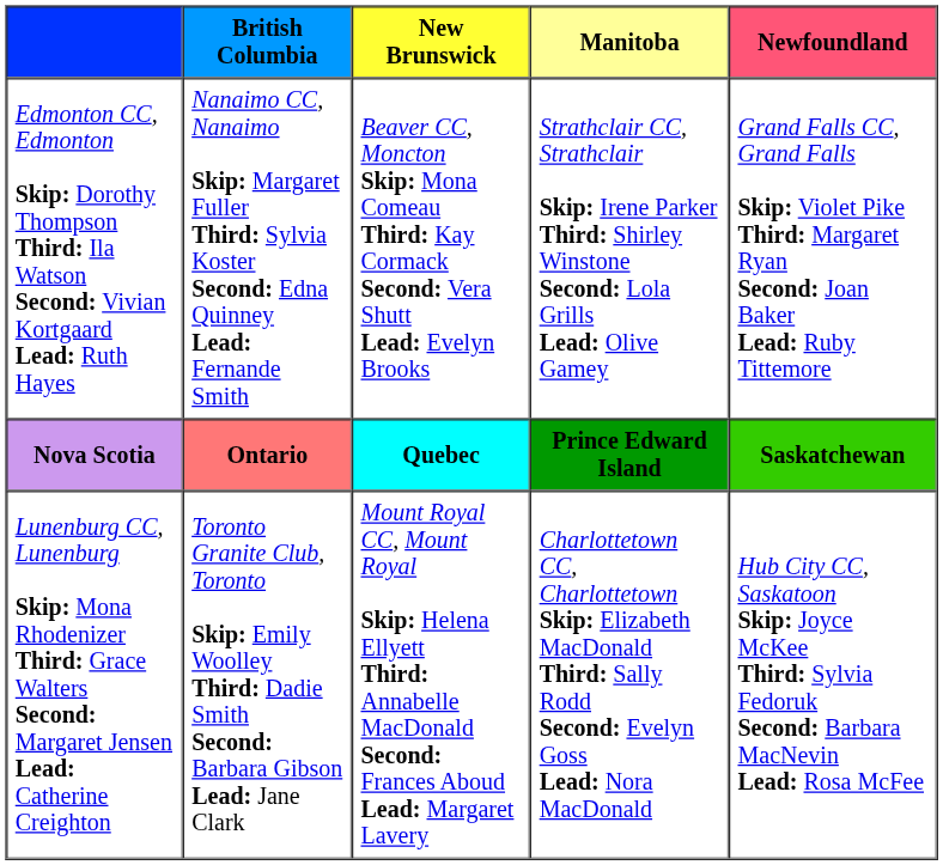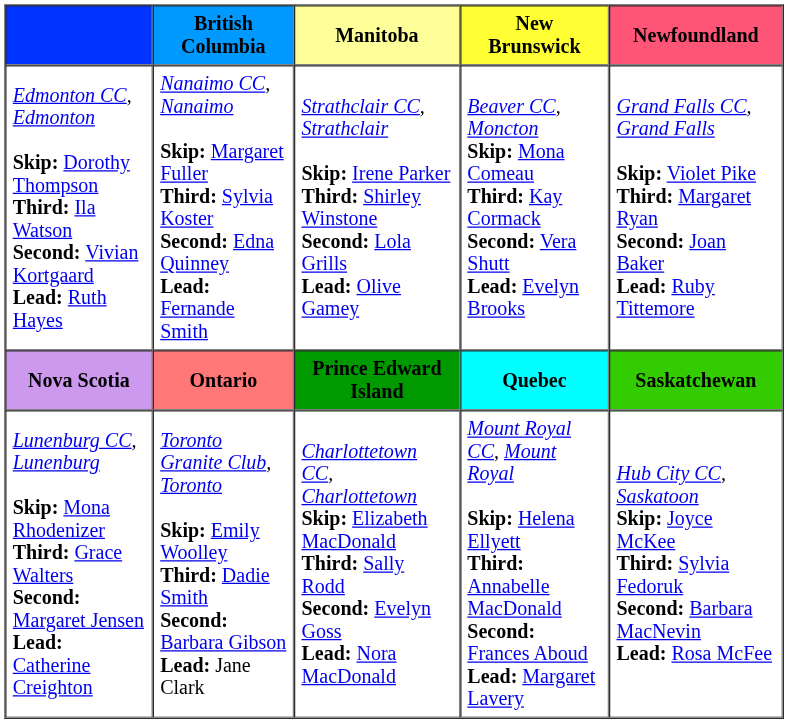 <table border=1 cellpadding=5 cellspacing=0>
 <tr>
 <th bgcolor="#0033ff" width="225"></th>
 <th bgcolor="#0099ff" width="225">British Columbia</th>
+<th bgcolor="#ffff99" width="225">Manitoba</th>
 <th bgcolor="#ffff33" width="225">New Brunswick</th>
-<th bgcolor="#ffff99" width="225">Manitoba</th>
 <th bgcolor="#ff5577" width="225">Newfoundland</th>
 </tr>
 <tr>
 <td><em><a href='#'>Edmonton CC</a>, <a href='#'>Edmonton</a></em> <br><br><strong>Skip:</strong>  <a href='#'>Dorothy Thompson</a> <br> <strong>Third:</strong>  <a href='#'>Ila Watson</a> <br> <strong>Second:</strong>  <a href='#'>Vivian Kortgaard</a> <br> <strong>Lead:</strong> <a href='#'>Ruth Hayes</a></td>
 <td><em><a href='#'>Nanaimo CC</a>, <a href='#'>Nanaimo</a></em> <br><br><strong>Skip:</strong>  <a href='#'>Margaret Fuller</a> <br> <strong>Third:</strong>  <a href='#'>Sylvia Koster</a> <br> <strong>Second:</strong>  <a href='#'>Edna Quinney</a> <br> <strong>Lead:</strong> <a href='#'>Fernande Smith</a></td>
+<td><em><a href='#'>Strathclair CC</a>, <a href='#'>Strathclair</a></em> <br><br><strong>Skip:</strong> <a href='#'>Irene Parker</a> <br> <strong>Third:</strong> <a href='#'>Shirley Winstone</a> <br> <strong>Second:</strong> <a href='#'>Lola Grills</a> <br> <strong>Lead:</strong> <a href='#'>Olive Gamey</a></td>
 <td><em><a href='#'>Beaver CC</a>, <a href='#'>Moncton</a></em><br><strong>Skip:</strong> <a href='#'>Mona Comeau</a>   <br> <strong>Third:</strong> <a href='#'>Kay Cormack</a>  <br> <strong>Second:</strong> <a href='#'>Vera Shutt</a> <br> <strong>Lead:</strong> <a href='#'>Evelyn Brooks</a></td>
-<td><em><a href='#'>Strathclair CC</a>, <a href='#'>Strathclair</a></em> <br><br><strong>Skip:</strong> <a href='#'>Irene Parker</a> <br> <strong>Third:</strong> <a href='#'>Shirley Winstone</a> <br> <strong>Second:</strong> <a href='#'>Lola Grills</a> <br> <strong>Lead:</strong> <a href='#'>Olive Gamey</a></td>
 <td><em><a href='#'>Grand Falls CC</a>, <a href='#'>Grand Falls</a></em> <br><br><strong>Skip:</strong> <a href='#'>Violet Pike</a> <br> <strong>Third:</strong> <a href='#'>Margaret Ryan</a> <br> <strong>Second:</strong> <a href='#'>Joan Baker</a> <br> <strong>Lead:</strong> <a href='#'>Ruby Tittemore</a></td>
 </tr>
 <tr border=1 cellpadding=5 cellspacing=0>
 <th bgcolor="#cc99ee" width="200">Nova Scotia</th>
 <th bgcolor="#ff7777" width="200">Ontario</th>
+<th bgcolor="#009900" width="200">Prince Edward Island</th>
 <th bgcolor="#00ffff" width="200">Quebec</th>
-<th bgcolor="#009900" width="200">Prince Edward Island</th>
 <th bgcolor="#33cc00" width="200">Saskatchewan</th>
 </tr>
 <tr>
 <td><em><a href='#'>Lunenburg CC</a>, <a href='#'>Lunenburg</a></em> <br><br><strong>Skip:</strong> <a href='#'>Mona Rhodenizer</a>   <br> <strong>Third:</strong> <a href='#'>Grace Walters</a>  <br> <strong>Second:</strong> <a href='#'>Margaret Jensen</a> <br> <strong>Lead:</strong> <a href='#'>Catherine Creighton</a></td>
 <td><em><a href='#'>Toronto Granite Club</a>, <a href='#'>Toronto</a></em> <br><br><strong>Skip:</strong> <a href='#'>Emily Woolley</a>   <br> <strong>Third:</strong> <a href='#'>Dadie Smith</a>  <br> <strong>Second:</strong> <a href='#'>Barbara Gibson</a> <br> <strong>Lead:</strong> Jane Clark</td>
+<td><em><a href='#'>Charlottetown CC</a>, <a href='#'>Charlottetown</a></em><br><strong>Skip:</strong> <a href='#'>Elizabeth MacDonald</a><br> <strong>Third:</strong> <a href='#'>Sally Rodd</a><br> <strong>Second:</strong> <a href='#'>Evelyn Goss</a><br> <strong>Lead:</strong> <a href='#'>Nora MacDonald</a></td>
 <td><em><a href='#'>Mount Royal CC</a>, <a href='#'>Mount Royal</a></em> <br><br><strong>Skip:</strong> <a href='#'>Helena Ellyett</a> <br> <strong>Third:</strong> <a href='#'>Annabelle MacDonald</a> <br> <strong>Second:</strong> <a href='#'>Frances Aboud</a> <br> <strong>Lead:</strong> <a href='#'>Margaret Lavery</a></td>
-<td><em><a href='#'>Charlottetown CC</a>, <a href='#'>Charlottetown</a></em><br><strong>Skip:</strong> <a href='#'>Elizabeth MacDonald</a><br> <strong>Third:</strong> <a href='#'>Sally Rodd</a><br> <strong>Second:</strong> <a href='#'>Evelyn Goss</a><br> <strong>Lead:</strong> <a href='#'>Nora MacDonald</a></td>
 <td><em><a href='#'>Hub City CC</a>, <a href='#'>Saskatoon</a></em><br><strong>Skip:</strong> <a href='#'>Joyce McKee</a> <br> <strong>Third:</strong> <a href='#'>Sylvia Fedoruk</a><br> <strong>Second:</strong> <a href='#'>Barbara MacNevin</a><br> <strong>Lead:</strong> <a href='#'>Rosa McFee</a></td>
 </tr>
 </table>
